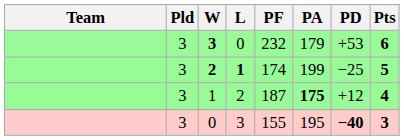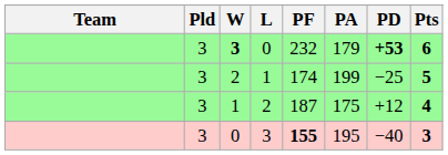 <table class=wikitable>
 <tr align=center>
 </tr>
 <tr>
 <th width=150>Team</th>
 <th width=20>Pld</th>
 <th width=20>W</th>
 <th width=20>L</th>
 <th width=30>PF</th>
 <th width=30>PA</th>
 <th width=30>PD</th>
 <th width=20>Pts</th>
 </tr>
 <tr align=center bgcolor="#98fb98">
 <td align=left></td>
 <td>3</td>
 <td><strong>3</strong></td>
 <td>0</td>
 <td>232</td>
 <td>179</td>
-<td>+53</td>
+<td><strong>+53</strong></td>
 <td><strong>6</strong></td>
 </tr>
 <tr align=center bgcolor="#98fb98">
 <td align=left></td>
 <td>3</td>
-<td><strong>2</strong></td>
-<td><strong>1</strong></td>
+<td>2</td>
+<td>1</td>
 <td>174</td>
 <td>199</td>
 <td>−25</td>
 <td><strong>5</strong></td>
 </tr>
 <tr align=center bgcolor="#98fb98">
 <td align=left></td>
 <td>3</td>
 <td>1</td>
 <td>2</td>
 <td>187</td>
-<td><strong>175</strong></td>
+<td>175</td>
 <td>+12</td>
 <td><strong>4</strong></td>
 </tr>
 <tr align=center bgcolor=ffcccc>
 <td align=left></td>
 <td>3</td>
 <td>0</td>
 <td>3</td>
-<td>155</td>
+<td><strong>155</strong></td>
 <td>195</td>
-<td><strong>−40</strong></td>
+<td>−40</td>
 <td><strong>3</strong></td>
 </tr>
 </table>
